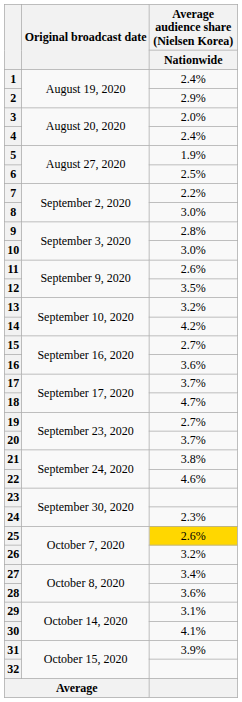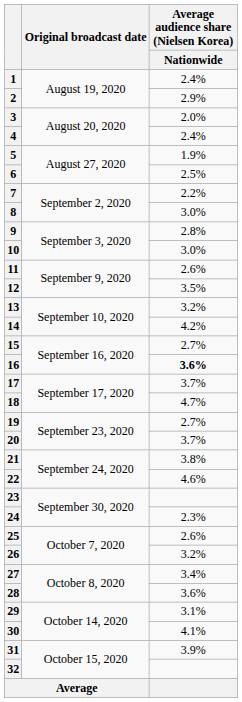 <table class="wikitable" style="text-align:center">
 <tr>
 <th rowspan="2"></th>
 <th rowspan="2">Original broadcast date</th>
 <th colspan="2">Average audience share<br>(Nielsen Korea)</th>
 </tr>
 <tr>
 <th width="110">Nationwide</th>
 </tr>
 <tr>
 <th>1</th>
 <td rowspan="2">August 19, 2020</td>
 <td>2.4%</td>
 </tr>
 <tr>
 <th>2</th>
 <td>2.9%</td>
 </tr>
 <tr>
 <th>3</th>
 <td rowspan="2">August 20, 2020</td>
 <td>2.0%</td>
 </tr>
 <tr>
 <th>4</th>
 <td>2.4%</td>
 </tr>
 <tr>
 <th>5</th>
 <td rowspan="2">August 27, 2020</td>
 <td>1.9%</td>
 </tr>
 <tr>
 <th>6</th>
 <td>2.5%</td>
 </tr>
 <tr>
 <th>7</th>
 <td rowspan="2">September 2, 2020</td>
 <td>2.2%</td>
 </tr>
 <tr>
 <th>8</th>
 <td>3.0%</td>
 </tr>
 <tr>
 <th>9</th>
 <td rowspan="2">September 3, 2020</td>
 <td>2.8%</td>
 </tr>
 <tr>
 <th>10</th>
 <td>3.0%</td>
 </tr>
 <tr>
 <th>11</th>
 <td rowspan="2">September 9, 2020</td>
 <td>2.6%</td>
 </tr>
 <tr>
 <th>12</th>
 <td>3.5%</td>
 </tr>
 <tr>
 <th>13</th>
 <td rowspan="2">September 10, 2020</td>
 <td>3.2%</td>
 </tr>
 <tr>
 <th>14</th>
 <td>4.2%</td>
 </tr>
 <tr>
 <th>15</th>
 <td rowspan="2">September 16, 2020</td>
 <td>2.7%</td>
 </tr>
 <tr>
 <th>16</th>
-<td>3.6%</td>
+<td><strong>3.6%</strong></td>
 </tr>
 <tr>
 <th>17</th>
 <td rowspan="2">September 17, 2020</td>
 <td>3.7%</td>
 </tr>
 <tr>
 <th>18</th>
 <td>4.7%</td>
 </tr>
 <tr>
 <th>19</th>
 <td rowspan="2">September 23, 2020</td>
 <td>2.7%</td>
 </tr>
 <tr>
 <th>20</th>
 <td>3.7%</td>
 </tr>
 <tr>
 <th>21</th>
 <td rowspan="2">September 24, 2020</td>
 <td>3.8%</td>
 </tr>
 <tr>
 <th>22</th>
 <td>4.6%</td>
 </tr>
 <tr>
 <th>23</th>
 <td rowspan="2">September 30, 2020</td>
 <td></td>
 </tr>
 <tr>
 <th>24</th>
 <td>2.3%</td>
 </tr>
 <tr>
 <th>25</th>
 <td rowspan="2">October 7, 2020</td>
-<td style="background: gold;">2.6%</td>
+<td>2.6%</td>
 </tr>
 <tr>
 <th>26</th>
 <td>3.2%</td>
 </tr>
 <tr>
 <th>27</th>
 <td rowspan="2">October 8, 2020</td>
 <td>3.4%</td>
 </tr>
 <tr>
 <th>28</th>
 <td>3.6%</td>
 </tr>
 <tr>
 <th>29</th>
 <td rowspan="2">October 14, 2020</td>
 <td>3.1%</td>
 </tr>
 <tr>
 <th>30</th>
 <td>4.1%</td>
 </tr>
 <tr>
 <th>31</th>
 <td rowspan="2">October 15, 2020</td>
 <td>3.9%</td>
 </tr>
 <tr>
 <th>32</th>
 <td></td>
 </tr>
 <tr>
 <th colspan="2">Average</th>
 <th></th>
 </tr>
 </table>
